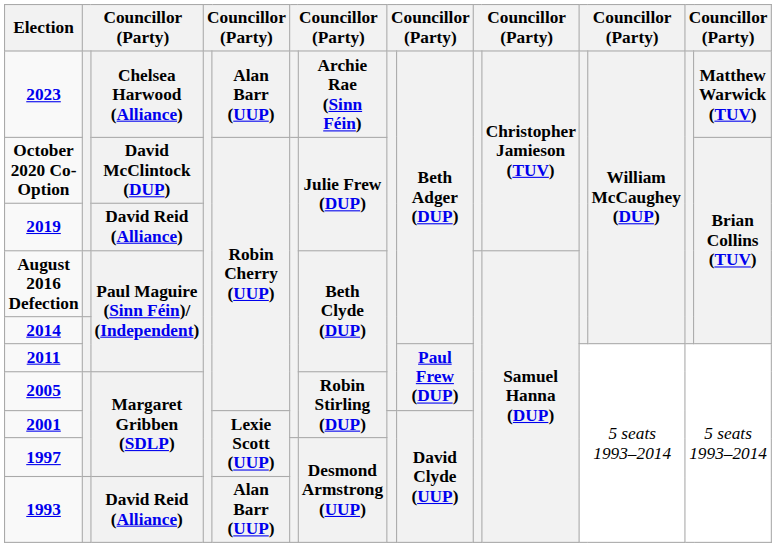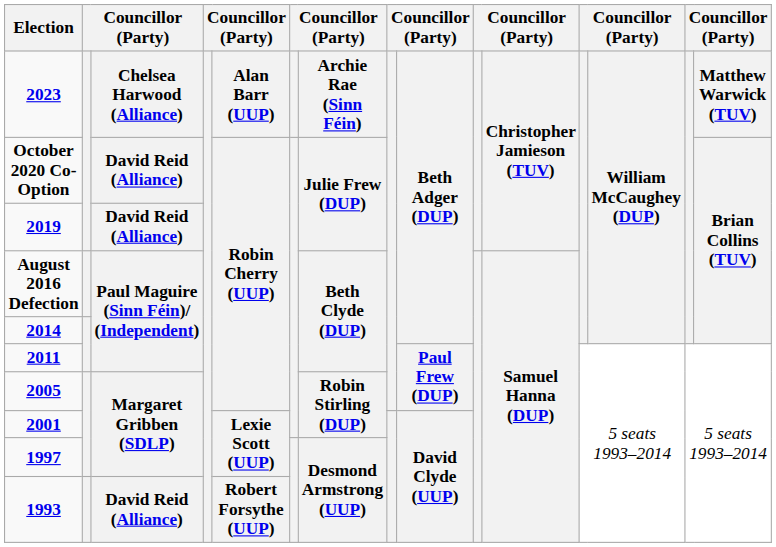 <table class="wikitable" style="text-align:center">
 <tr>
 <th scope="col" width="50">Election</th>
 <th scope="col" width="150" colspan = "2">Councillor<br> (Party)</th>
 <th scope="col" width="150" colspan = "2">Councillor<br> (Party)</th>
 <th scope="col" width="150" colspan = "2">Councillor<br> (Party)</th>
 <th scope="col" width="150" colspan = "2">Councillor<br> (Party)</th>
 <th scope="col" width="150" colspan = "2">Councillor<br> (Party)</th>
 <th scope="col" width="150" colspan = "2">Councillor<br> (Party)</th>
 <th scope="col" width="150" colspan = "2">Councillor<br> (Party)</th>
 </tr>
 <tr>
 <td><strong><a href='#'>2023</a></strong></td>
 <th rowspan="3" width="1" style="background-color: "></th>
 <th rowspan = "1">Chelsea Harwood <br> (<a href='#'>Alliance</a>)</th>
 <th rowspan="10" width="1" style="background-color: "></th>
 <th rowspan = "1">Alan Barr <br> (<a href='#'>UUP</a>)</th>
 <th rowspan="1" width="1" style="background-color: "></th>
 <th rowspan = "1">Archie Rae <br> (<a href='#'>Sinn Féin</a>)</th>
 <th rowspan="7" width="1" style="background-color: "></th>
 <th rowspan = "5">Beth Adger <br> (<a href='#'>DUP</a>)</th>
 <th rowspan="3" width="1" style="background-color: "></th>
 <th rowspan = "3">Christopher Jamieson <br> (<a href='#'>TUV</a>)</th>
 <th rowspan="5" width="1" style="background-color: "></th>
 <th rowspan = "5">William McCaughey <br> (<a href='#'>DUP</a>)</th>
 <th rowspan="5" width="1" style="background-color: "></th>
 <th rowspan = "1">Matthew Warwick <br> (<a href='#'>TUV</a>)</th>
 </tr>
 <tr>
 <td><strong>October 2020 Co-Option</strong></td>
-<th rowspan = "1">David McClintock <br> (<a href='#'>DUP</a>)</th>
+<th rowspan = "1">David Reid <br> (<a href='#'>Alliance</a>)</th>
 <th rowspan = "6">Robin Cherry <br> (<a href='#'>UUP</a>)</th>
 <th rowspan="7" width="1" style="background-color: "></th>
 <th rowspan = "2">Julie Frew <br> (<a href='#'>DUP</a>)</th>
 <th rowspan = "4">Brian Collins <br> (<a href='#'>TUV</a>)</th>
 </tr>
 <tr>
 <td><strong><a href='#'>2019</a></strong></td>
 <th rowspan = "1">David Reid <br> (<a href='#'>Alliance</a>)</th>
 </tr>
 <tr>
 <td><strong>August 2016 Defection</strong></td>
 <th rowspan="1" width="1" style="background-color: "></th>
 <th rowspan = "3">Paul Maguire <br> (<a href='#'>Sinn Féin</a>)/ <br> (<a href='#'>Independent</a>)</th>
 <th rowspan = "3">Beth Clyde <br> (<a href='#'>DUP</a>)</th>
 <th rowspan="7" width="1" style="background-color: "></th>
 <th rowspan = "7">Samuel Hanna <br> (<a href='#'>DUP</a>)</th>
 </tr>
 <tr>
 <td><strong><a href='#'>2014</a></strong></td>
 <th rowspan="2" width="1" style="background-color: "></th>
 </tr>
 <tr>
 <td><strong><a href='#'>2011</a></strong></td>
 <th rowspan = "2"><a href='#'>Paul Frew</a> <br> (<a href='#'>DUP</a>)</th>
 <td colspan="2" rowspan="5" style="background-color:#FFFFFF"><em>5 seats<br>1993–2014</em></td>
 <td colspan="2" rowspan="5" style="background-color:#FFFFFF"><em>5 seats<br>1993–2014</em></td>
 </tr>
 <tr>
 <td><strong><a href='#'>2005</a></strong></td>
 <th rowspan="3" width="1" style="background-color: "></th>
 <th rowspan = "3">Margaret Gribben <br> (<a href='#'>SDLP</a>)</th>
 <th rowspan = "2">Robin Stirling <br> (<a href='#'>DUP</a>)</th>
 </tr>
 <tr>
 <td><strong><a href='#'>2001</a></strong></td>
 <th rowspan = "2">Lexie Scott <br> (<a href='#'>UUP</a>)</th>
 <th rowspan="3" width="1" style="background-color: "></th>
 <th rowspan = "3">David Clyde <br> (<a href='#'>UUP</a>)</th>
 </tr>
 <tr>
 <td><strong><a href='#'>1997</a></strong></td>
 <th rowspan="2" width="1" style="background-color: "></th>
 <th rowspan = "2">Desmond Armstrong <br> (<a href='#'>UUP</a>)</th>
 </tr>
 <tr>
 <td><strong><a href='#'>1993</a></strong></td>
 <th rowspan="1" width="1" style="background-color: "></th>
 <th rowspan = "1">David Reid <br> (<a href='#'>Alliance</a>)</th>
-<th rowspan = "1">Alan Barr <br> (<a href='#'>UUP</a>)</th>
+<th rowspan = "1">Robert Forsythe <br> (<a href='#'>UUP</a>)</th>
 </tr>
 </table>
